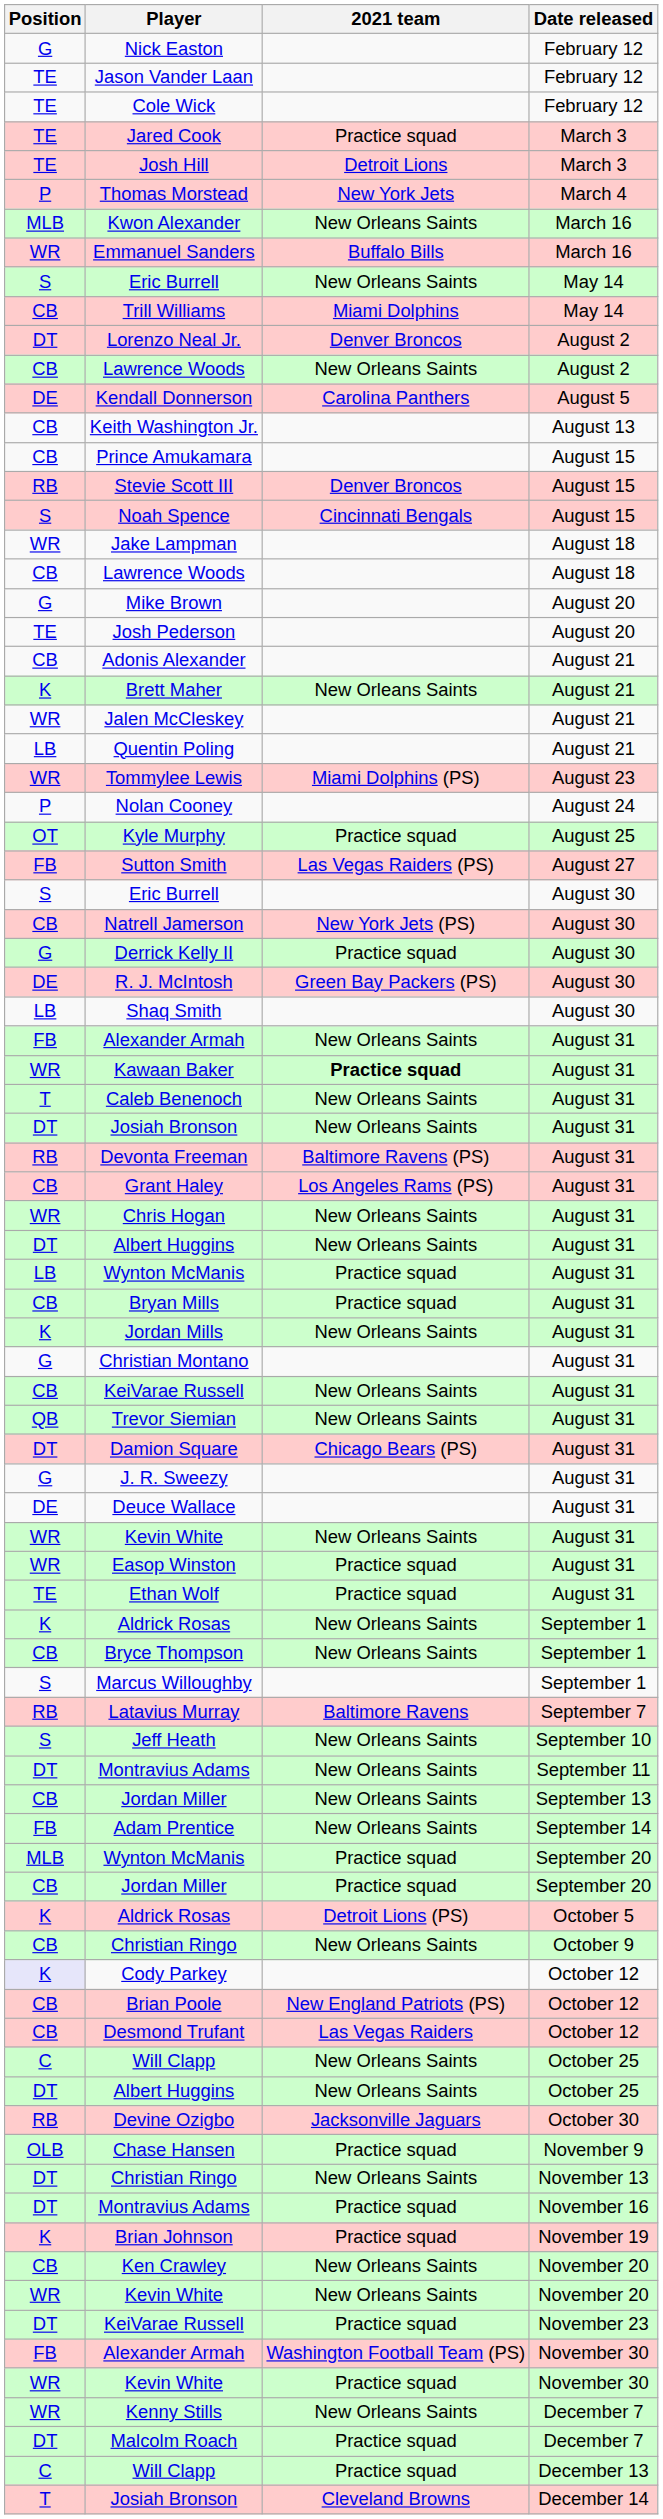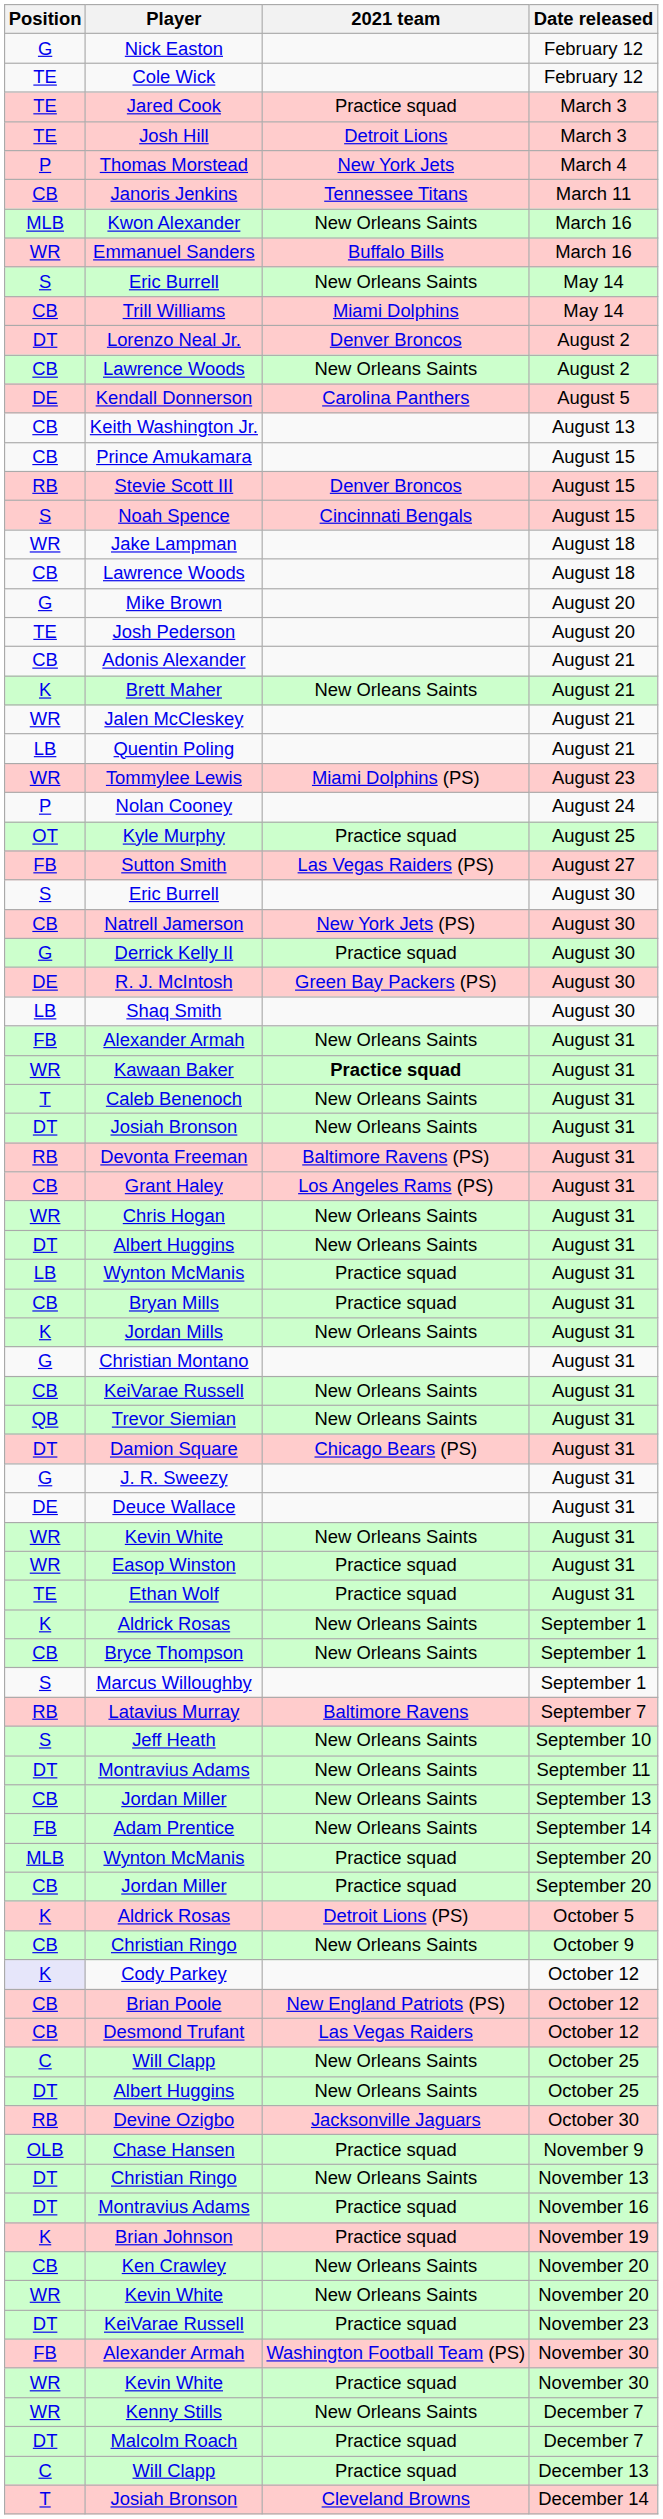 <table class="wikitable" style="text-align:center">
 <tr>
 <th>Position</th>
 <th>Player</th>
 <th>2021 team</th>
 <th>Date released</th>
 </tr>
 <tr>
 <td><a href='#'>G</a></td>
 <td><a href='#'>Nick Easton</a></td>
-<td></td>
-<td>February 12</td>
-</tr>
-<tr>
-<td><a href='#'>TE</a></td>
-<td><a href='#'>Jason Vander Laan</a></td>
 <td></td>
 <td>February 12</td>
 </tr>
 <tr>
 <td><a href='#'>TE</a></td>
 <td><a href='#'>Cole Wick</a></td>
 <td></td>
 <td>February 12</td>
 </tr>
 <tr style="background:#fcc">
 <td><a href='#'>TE</a></td>
 <td><a href='#'>Jared Cook</a></td>
 <td>Practice squad</td>
 <td>March 3</td>
 </tr>
 <tr style="background:#fcc">
 <td><a href='#'>TE</a></td>
 <td><a href='#'>Josh Hill</a></td>
 <td><a href='#'>Detroit Lions</a></td>
 <td>March 3</td>
 </tr>
 <tr style="background:#fcc">
 <td><a href='#'>P</a></td>
 <td><a href='#'>Thomas Morstead</a></td>
 <td><a href='#'>New York Jets</a></td>
 <td>March 4</td>
+</tr>
+<tr style="background:#fcc">
+<td><a href='#'>CB</a></td>
+<td><a href='#'>Janoris Jenkins</a></td>
+<td><a href='#'>Tennessee Titans</a></td>
+<td>March 11</td>
 </tr>
 <tr style="background:#cfc">
 <td><a href='#'>MLB</a></td>
 <td><a href='#'>Kwon Alexander</a></td>
 <td>New Orleans Saints</td>
 <td>March 16</td>
 </tr>
 <tr style="background:#fcc">
 <td><a href='#'>WR</a></td>
 <td><a href='#'>Emmanuel Sanders</a></td>
 <td><a href='#'>Buffalo Bills</a></td>
 <td>March 16</td>
 </tr>
 <tr style="background:#cfc">
 <td><a href='#'>S</a></td>
 <td><a href='#'>Eric Burrell</a></td>
 <td>New Orleans Saints</td>
 <td>May 14</td>
 </tr>
 <tr style="background:#fcc">
 <td><a href='#'>CB</a></td>
 <td><a href='#'>Trill Williams</a></td>
 <td><a href='#'>Miami Dolphins</a></td>
 <td>May 14</td>
 </tr>
 <tr style="background:#fcc">
 <td><a href='#'>DT</a></td>
 <td><a href='#'>Lorenzo Neal Jr.</a></td>
 <td><a href='#'>Denver Broncos</a></td>
 <td>August 2</td>
 </tr>
 <tr style="background:#cfc">
 <td><a href='#'>CB</a></td>
 <td><a href='#'>Lawrence Woods</a></td>
 <td>New Orleans Saints</td>
 <td>August 2</td>
 </tr>
 <tr style="background:#fcc">
 <td><a href='#'>DE</a></td>
 <td><a href='#'>Kendall Donnerson</a></td>
 <td><a href='#'>Carolina Panthers</a></td>
 <td>August 5</td>
 </tr>
 <tr>
 <td><a href='#'>CB</a></td>
 <td><a href='#'>Keith Washington Jr.</a></td>
 <td></td>
 <td>August 13</td>
 </tr>
 <tr>
 <td><a href='#'>CB</a></td>
 <td><a href='#'>Prince Amukamara</a></td>
 <td></td>
 <td>August 15</td>
 </tr>
 <tr style="background:#fcc">
 <td><a href='#'>RB</a></td>
 <td><a href='#'>Stevie Scott III</a></td>
 <td><a href='#'>Denver Broncos</a></td>
 <td>August 15</td>
 </tr>
 <tr style="background:#fcc">
 <td><a href='#'>S</a></td>
 <td><a href='#'>Noah Spence</a></td>
 <td><a href='#'>Cincinnati Bengals</a></td>
 <td>August 15</td>
 </tr>
 <tr>
 <td><a href='#'>WR</a></td>
 <td><a href='#'>Jake Lampman</a></td>
 <td></td>
 <td>August 18</td>
 </tr>
 <tr>
 <td><a href='#'>CB</a></td>
 <td><a href='#'>Lawrence Woods</a></td>
 <td></td>
 <td>August 18</td>
 </tr>
 <tr>
 <td><a href='#'>G</a></td>
 <td><a href='#'>Mike Brown</a></td>
 <td></td>
 <td>August 20</td>
 </tr>
 <tr>
 <td><a href='#'>TE</a></td>
 <td><a href='#'>Josh Pederson</a></td>
 <td></td>
 <td>August 20</td>
 </tr>
 <tr>
 <td><a href='#'>CB</a></td>
 <td><a href='#'>Adonis Alexander</a></td>
 <td></td>
 <td>August 21</td>
 </tr>
 <tr style="background:#cfc">
 <td><a href='#'>K</a></td>
 <td><a href='#'>Brett Maher</a></td>
 <td>New Orleans Saints</td>
 <td>August 21</td>
 </tr>
 <tr>
 <td><a href='#'>WR</a></td>
 <td><a href='#'>Jalen McCleskey</a></td>
 <td></td>
 <td>August 21</td>
 </tr>
 <tr>
 <td><a href='#'>LB</a></td>
 <td><a href='#'>Quentin Poling</a></td>
 <td></td>
 <td>August 21</td>
 </tr>
 <tr style="background:#fcc">
 <td><a href='#'>WR</a></td>
 <td><a href='#'>Tommylee Lewis</a></td>
 <td><a href='#'>Miami Dolphins</a> (PS)</td>
 <td>August 23</td>
 </tr>
 <tr>
 <td><a href='#'>P</a></td>
 <td><a href='#'>Nolan Cooney</a></td>
 <td></td>
 <td>August 24</td>
 </tr>
 <tr style="background:#cfc">
 <td><a href='#'>OT</a></td>
 <td><a href='#'>Kyle Murphy</a></td>
 <td>Practice squad</td>
 <td>August 25</td>
 </tr>
 <tr style="background:#fcc">
 <td><a href='#'>FB</a></td>
 <td><a href='#'>Sutton Smith</a></td>
 <td><a href='#'>Las Vegas Raiders</a> (PS)</td>
 <td>August 27</td>
 </tr>
 <tr>
 <td><a href='#'>S</a></td>
 <td><a href='#'>Eric Burrell</a></td>
 <td></td>
 <td>August 30</td>
 </tr>
 <tr style="background:#fcc">
 <td><a href='#'>CB</a></td>
 <td><a href='#'>Natrell Jamerson</a></td>
 <td><a href='#'>New York Jets</a> (PS)</td>
 <td>August 30</td>
 </tr>
 <tr style="background:#cfc">
 <td><a href='#'>G</a></td>
 <td><a href='#'>Derrick Kelly II</a></td>
 <td>Practice squad</td>
 <td>August 30</td>
 </tr>
 <tr style="background:#fcc">
 <td><a href='#'>DE</a></td>
 <td><a href='#'>R. J. McIntosh</a></td>
 <td><a href='#'>Green Bay Packers</a> (PS)</td>
 <td>August 30</td>
 </tr>
 <tr>
 <td><a href='#'>LB</a></td>
 <td><a href='#'>Shaq Smith</a></td>
 <td></td>
 <td>August 30</td>
 </tr>
 <tr style="background:#cfc">
 <td><a href='#'>FB</a></td>
 <td><a href='#'>Alexander Armah</a></td>
 <td>New Orleans Saints</td>
 <td>August 31</td>
 </tr>
 <tr style="background:#cfc">
 <td><a href='#'>WR</a></td>
 <td><a href='#'>Kawaan Baker</a></td>
 <td><strong>Practice squad</strong></td>
 <td>August 31</td>
 </tr>
 <tr style="background:#cfc">
 <td><a href='#'>T</a></td>
 <td><a href='#'>Caleb Benenoch</a></td>
 <td>New Orleans Saints</td>
 <td>August 31</td>
 </tr>
 <tr style="background:#cfc">
 <td><a href='#'>DT</a></td>
 <td><a href='#'>Josiah Bronson</a></td>
 <td>New Orleans Saints</td>
 <td>August 31</td>
 </tr>
 <tr style="background:#fcc">
 <td><a href='#'>RB</a></td>
 <td><a href='#'>Devonta Freeman</a></td>
 <td><a href='#'>Baltimore Ravens</a> (PS)</td>
 <td>August 31</td>
 </tr>
 <tr style="background:#fcc">
 <td><a href='#'>CB</a></td>
 <td><a href='#'>Grant Haley</a></td>
 <td><a href='#'>Los Angeles Rams</a> (PS)</td>
 <td>August 31</td>
 </tr>
 <tr style="background:#cfc">
 <td><a href='#'>WR</a></td>
 <td><a href='#'>Chris Hogan</a></td>
 <td>New Orleans Saints</td>
 <td>August 31</td>
 </tr>
 <tr style="background:#cfc">
 <td><a href='#'>DT</a></td>
 <td><a href='#'>Albert Huggins</a></td>
 <td>New Orleans Saints</td>
 <td>August 31</td>
 </tr>
 <tr style="background:#cfc">
 <td><a href='#'>LB</a></td>
 <td><a href='#'>Wynton McManis</a></td>
 <td>Practice squad</td>
 <td>August 31</td>
 </tr>
 <tr style="background:#cfc">
 <td><a href='#'>CB</a></td>
 <td><a href='#'>Bryan Mills</a></td>
 <td>Practice squad</td>
 <td>August 31</td>
 </tr>
 <tr style="background:#cfc">
 <td><a href='#'>K</a></td>
 <td><a href='#'>Jordan Mills</a></td>
 <td>New Orleans Saints</td>
 <td>August 31</td>
 </tr>
 <tr>
 <td><a href='#'>G</a></td>
 <td><a href='#'>Christian Montano</a></td>
 <td></td>
 <td>August 31</td>
 </tr>
 <tr style="background:#cfc">
 <td><a href='#'>CB</a></td>
 <td><a href='#'>KeiVarae Russell</a></td>
 <td>New Orleans Saints</td>
 <td>August 31</td>
 </tr>
 <tr style="background:#cfc">
 <td><a href='#'>QB</a></td>
 <td><a href='#'>Trevor Siemian</a></td>
 <td>New Orleans Saints</td>
 <td>August 31</td>
 </tr>
 <tr style="background:#fcc">
 <td><a href='#'>DT</a></td>
 <td><a href='#'>Damion Square</a></td>
 <td><a href='#'>Chicago Bears</a> (PS)</td>
 <td>August 31</td>
 </tr>
 <tr>
 <td><a href='#'>G</a></td>
 <td><a href='#'>J. R. Sweezy</a></td>
 <td></td>
 <td>August 31</td>
 </tr>
 <tr>
 <td><a href='#'>DE</a></td>
 <td><a href='#'>Deuce Wallace</a></td>
 <td></td>
 <td>August 31</td>
 </tr>
 <tr style="background:#cfc">
 <td><a href='#'>WR</a></td>
 <td><a href='#'>Kevin White</a></td>
 <td>New Orleans Saints</td>
 <td>August 31</td>
 </tr>
 <tr style="background:#cfc">
 <td><a href='#'>WR</a></td>
 <td><a href='#'>Easop Winston</a></td>
 <td>Practice squad</td>
 <td>August 31</td>
 </tr>
 <tr style="background:#cfc">
 <td><a href='#'>TE</a></td>
 <td><a href='#'>Ethan Wolf</a></td>
 <td>Practice squad</td>
 <td>August 31</td>
 </tr>
 <tr style="background:#cfc">
 <td><a href='#'>K</a></td>
 <td><a href='#'>Aldrick Rosas</a></td>
 <td>New Orleans Saints</td>
 <td>September 1</td>
 </tr>
 <tr style="background:#cfc">
 <td><a href='#'>CB</a></td>
 <td><a href='#'>Bryce Thompson</a></td>
 <td>New Orleans Saints</td>
 <td>September 1</td>
 </tr>
 <tr>
 <td><a href='#'>S</a></td>
 <td><a href='#'>Marcus Willoughby</a></td>
 <td></td>
 <td>September 1</td>
 </tr>
 <tr style="background:#fcc">
 <td><a href='#'>RB</a></td>
 <td><a href='#'>Latavius Murray</a></td>
 <td><a href='#'>Baltimore Ravens</a></td>
 <td>September 7</td>
 </tr>
 <tr style="background:#cfc">
 <td><a href='#'>S</a></td>
 <td><a href='#'>Jeff Heath</a></td>
 <td>New Orleans Saints</td>
 <td>September 10</td>
 </tr>
 <tr style="background:#cfc">
 <td><a href='#'>DT</a></td>
 <td><a href='#'>Montravius Adams</a></td>
 <td>New Orleans Saints</td>
 <td>September 11</td>
 </tr>
 <tr style="background:#cfc">
 <td><a href='#'>CB</a></td>
 <td><a href='#'>Jordan Miller</a></td>
 <td>New Orleans Saints</td>
 <td>September 13</td>
 </tr>
 <tr style="background:#cfc">
 <td><a href='#'>FB</a></td>
 <td><a href='#'>Adam Prentice</a></td>
 <td>New Orleans Saints</td>
 <td>September 14</td>
 </tr>
 <tr style="background:#cfc">
 <td><a href='#'>MLB</a></td>
 <td><a href='#'>Wynton McManis</a></td>
 <td>Practice squad</td>
 <td>September 20</td>
 </tr>
 <tr style="background:#cfc">
 <td><a href='#'>CB</a></td>
 <td><a href='#'>Jordan Miller</a></td>
 <td>Practice squad</td>
 <td>September 20</td>
 </tr>
 <tr style="background:#fcc">
 <td><a href='#'>K</a></td>
 <td><a href='#'>Aldrick Rosas</a></td>
 <td><a href='#'>Detroit Lions</a> (PS)</td>
 <td>October 5</td>
 </tr>
 <tr style="background:#cfc">
 <td><a href='#'>CB</a></td>
 <td><a href='#'>Christian Ringo</a></td>
 <td>New Orleans Saints</td>
 <td>October 9</td>
 </tr>
 <tr>
 <td style="background: lavender;"><a href='#'>K</a></td>
 <td><a href='#'>Cody Parkey</a></td>
 <td></td>
 <td>October 12</td>
 </tr>
 <tr style="background:#fcc">
 <td><a href='#'>CB</a></td>
 <td><a href='#'>Brian Poole</a></td>
 <td><a href='#'>New England Patriots</a> (PS)</td>
 <td>October 12</td>
 </tr>
 <tr style="background:#fcc">
 <td><a href='#'>CB</a></td>
 <td><a href='#'>Desmond Trufant</a></td>
 <td><a href='#'>Las Vegas Raiders</a></td>
 <td>October 12</td>
 </tr>
 <tr style="background:#cfc">
 <td><a href='#'>C</a></td>
 <td><a href='#'>Will Clapp</a></td>
 <td>New Orleans Saints</td>
 <td>October 25</td>
 </tr>
 <tr style="background:#cfc">
 <td><a href='#'>DT</a></td>
 <td><a href='#'>Albert Huggins</a></td>
 <td>New Orleans Saints</td>
 <td>October 25</td>
 </tr>
 <tr style="background:#fcc">
 <td><a href='#'>RB</a></td>
 <td><a href='#'>Devine Ozigbo</a></td>
 <td><a href='#'>Jacksonville Jaguars</a></td>
 <td>October 30</td>
 </tr>
 <tr style="background:#cfc">
 <td><a href='#'>OLB</a></td>
 <td><a href='#'>Chase Hansen</a></td>
 <td>Practice squad</td>
 <td>November 9</td>
 </tr>
 <tr style="background:#cfc">
 <td><a href='#'>DT</a></td>
 <td><a href='#'>Christian Ringo</a></td>
 <td>New Orleans Saints</td>
 <td>November 13</td>
 </tr>
 <tr style="background:#cfc">
 <td><a href='#'>DT</a></td>
 <td><a href='#'>Montravius Adams</a></td>
 <td>Practice squad</td>
 <td>November 16</td>
 </tr>
 <tr style="background:#fcc">
 <td><a href='#'>K</a></td>
 <td><a href='#'>Brian Johnson</a></td>
 <td>Practice squad</td>
 <td>November 19</td>
 </tr>
 <tr style="background:#cfc">
 <td><a href='#'>CB</a></td>
 <td><a href='#'>Ken Crawley</a></td>
 <td>New Orleans Saints</td>
 <td>November 20</td>
 </tr>
 <tr style="background:#cfc">
 <td><a href='#'>WR</a></td>
 <td><a href='#'>Kevin White</a></td>
 <td>New Orleans Saints</td>
 <td>November 20</td>
 </tr>
 <tr style="background:#cfc">
 <td><a href='#'>DT</a></td>
 <td><a href='#'>KeiVarae Russell</a></td>
 <td>Practice squad</td>
 <td>November 23</td>
 </tr>
 <tr style="background:#fcc">
 <td><a href='#'>FB</a></td>
 <td><a href='#'>Alexander Armah</a></td>
 <td><a href='#'>Washington Football Team</a> (PS)</td>
 <td>November 30</td>
 </tr>
 <tr style="background:#cfc">
 <td><a href='#'>WR</a></td>
 <td><a href='#'>Kevin White</a></td>
 <td>Practice squad</td>
 <td>November 30</td>
 </tr>
 <tr style="background:#cfc">
 <td><a href='#'>WR</a></td>
 <td><a href='#'>Kenny Stills</a></td>
 <td>New Orleans Saints</td>
 <td>December 7</td>
 </tr>
 <tr style="background:#cfc">
 <td><a href='#'>DT</a></td>
 <td><a href='#'>Malcolm Roach</a></td>
 <td>Practice squad</td>
 <td>December 7</td>
 </tr>
 <tr style="background:#cfc">
 <td><a href='#'>C</a></td>
 <td><a href='#'>Will Clapp</a></td>
 <td>Practice squad</td>
 <td>December 13</td>
 </tr>
 <tr style="background:#fcc">
 <td><a href='#'>T</a></td>
 <td><a href='#'>Josiah Bronson</a></td>
 <td><a href='#'>Cleveland Browns</a></td>
 <td>December 14</td>
 </tr>
 </table>
